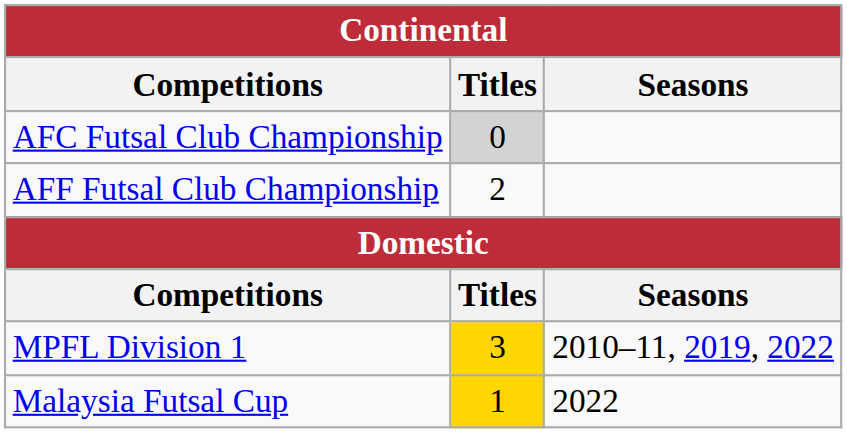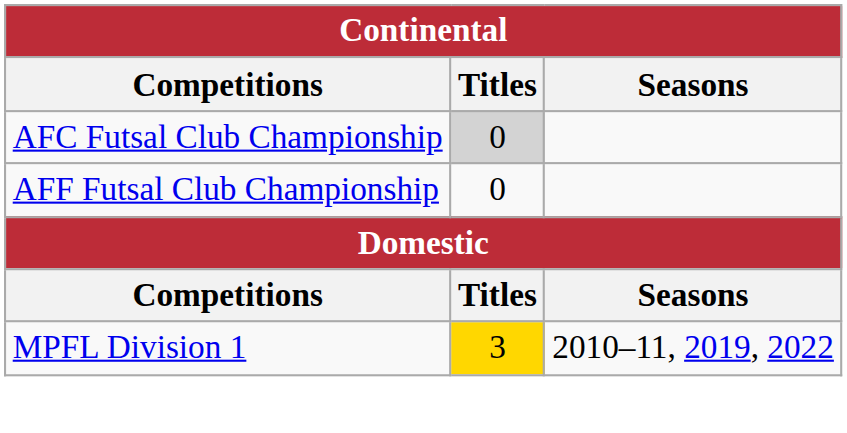 <table class="wikitable">
 <tr>
 <th colspan="3" style="background:#bd2c38; color:white;">Continental</th>
 </tr>
 <tr>
 <th>Competitions</th>
 <th>Titles</th>
 <th>Seasons</th>
 </tr>
 <tr>
 <td><a href='#'>AFC Futsal Club Championship</a></td>
 <td align="center" style="background: lightgrey;">0</td>
 <td></td>
 </tr>
 <tr>
 <td><a href='#'>AFF Futsal Club Championship</a></td>
-<td align="center">2</td>
+<td align="center">0</td>
 <td></td>
 </tr>
 <tr>
 <th colspan="3" style="background:#bd2c38; color:white;">Domestic</th>
 </tr>
 <tr>
 <th>Competitions</th>
 <th>Titles</th>
 <th>Seasons</th>
 </tr>
 <tr>
 <td><a href='#'>MPFL Division 1</a></td>
 <td align="center" style="background:gold;">3</td>
 <td>2010–11, <a href='#'>2019</a>, <a href='#'>2022</a></td>
 </tr>
-<tr>
-<td><a href='#'>Malaysia Futsal Cup</a></td>
-<td align="center" style="background:gold;">1</td>
-<td>2022</td>
-</tr>
 </table>
